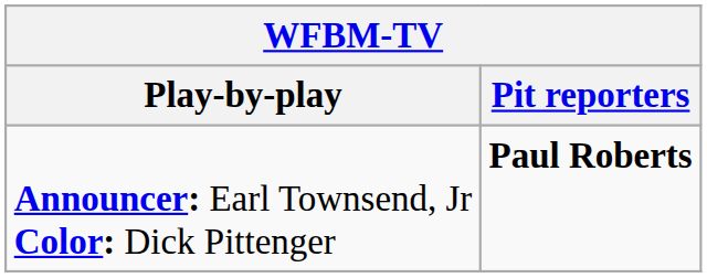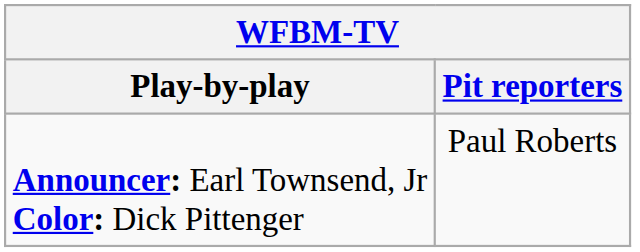 <table class="wikitable" style="font-size: 95%">
 <tr>
 <th colspan=2><a href='#'>WFBM-TV</a></th>
 </tr>
 <tr>
 <th>Play-by-play</th>
 <th><a href='#'>Pit reporters</a></th>
 </tr>
 <tr>
 <td valign="top"><br><strong><a href='#'>Announcer</a>: </strong>Earl Townsend, Jr<br> <strong><a href='#'>Color</a>: </strong>Dick Pittenger<br></td>
-<td align="center" valign="top"><strong>Paul Roberts<br></strong></td>
+<td align="center" valign="top">Paul Roberts<br></td>
 </tr>
 </table>
